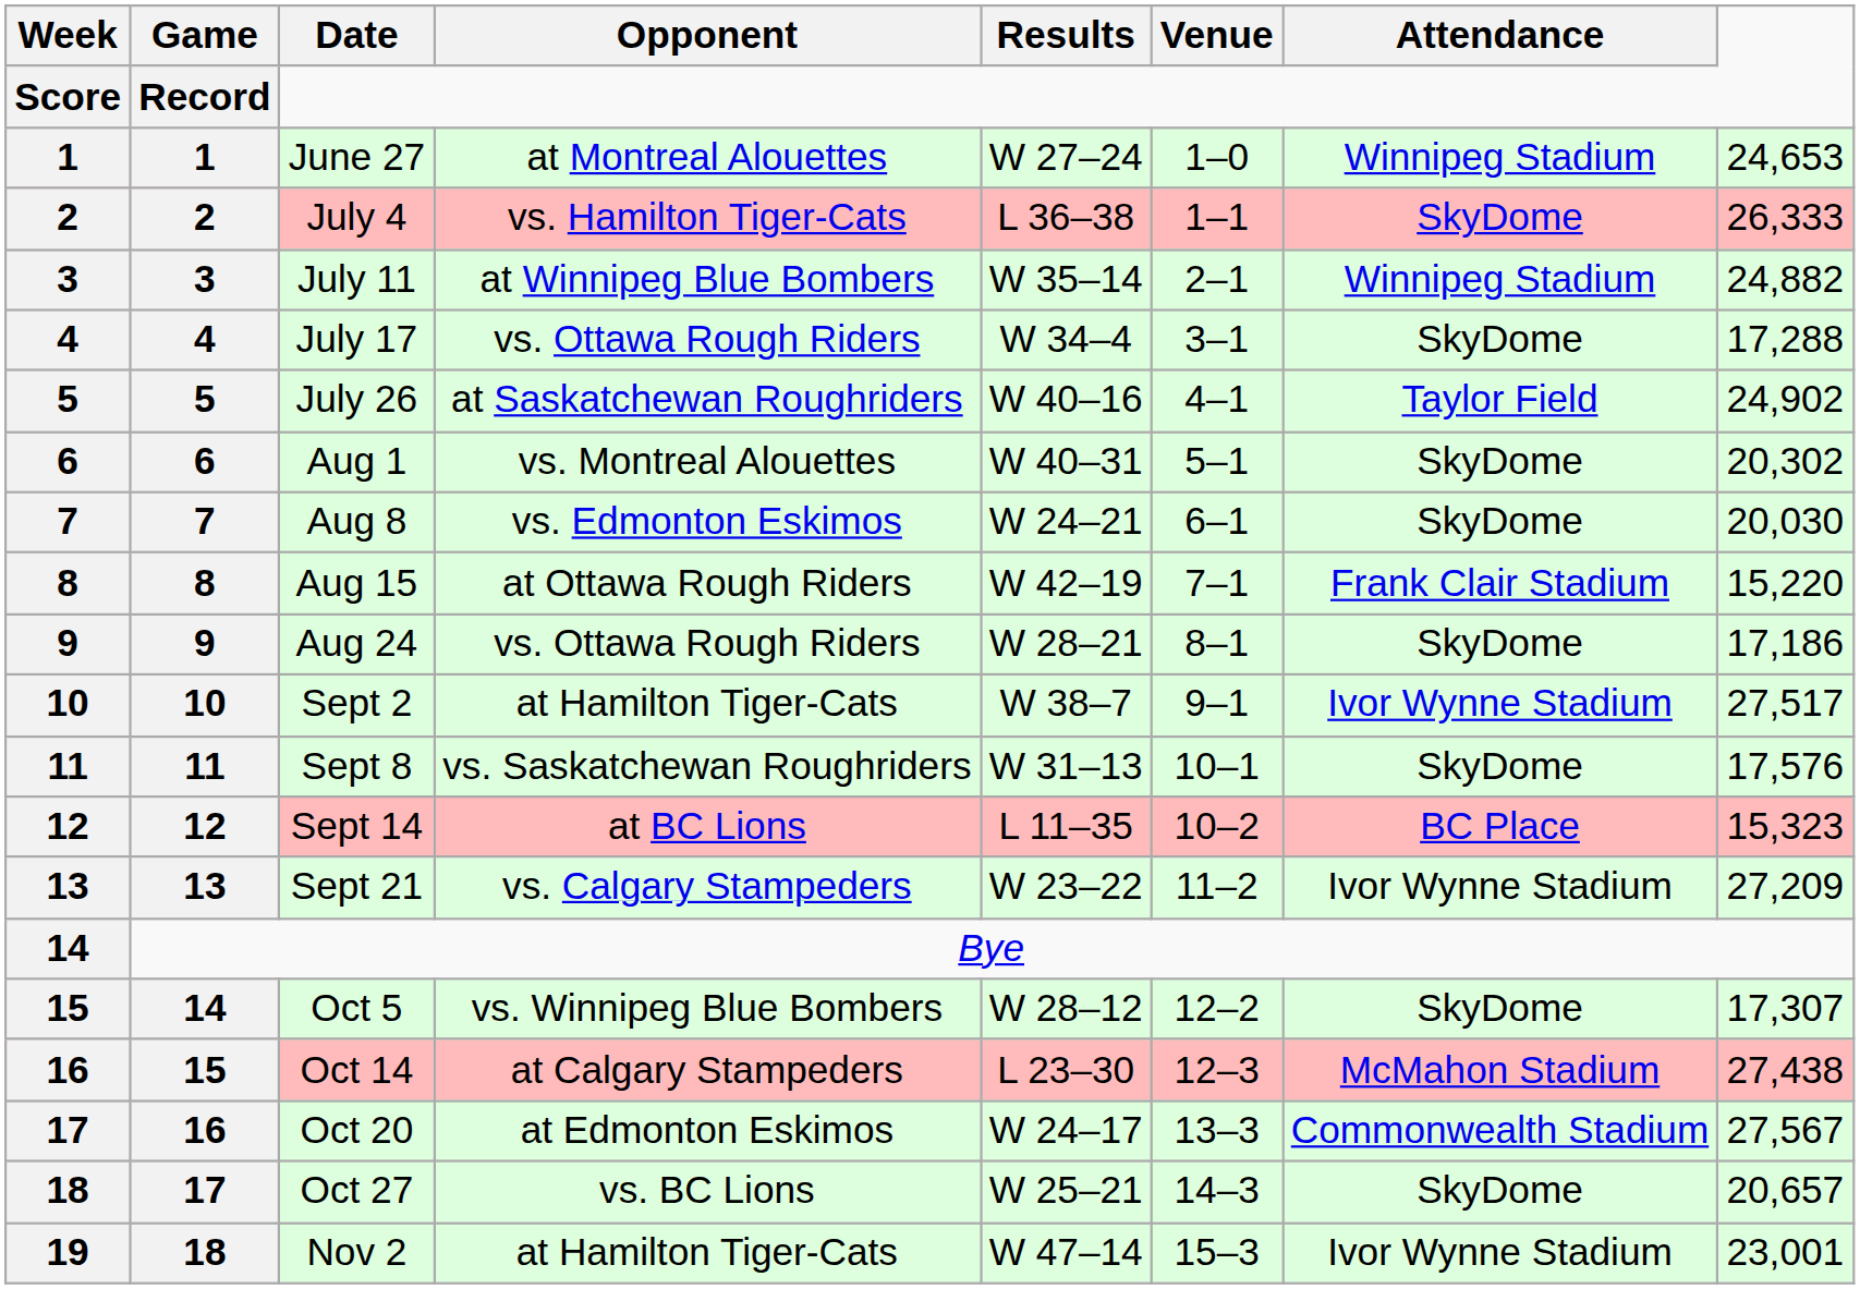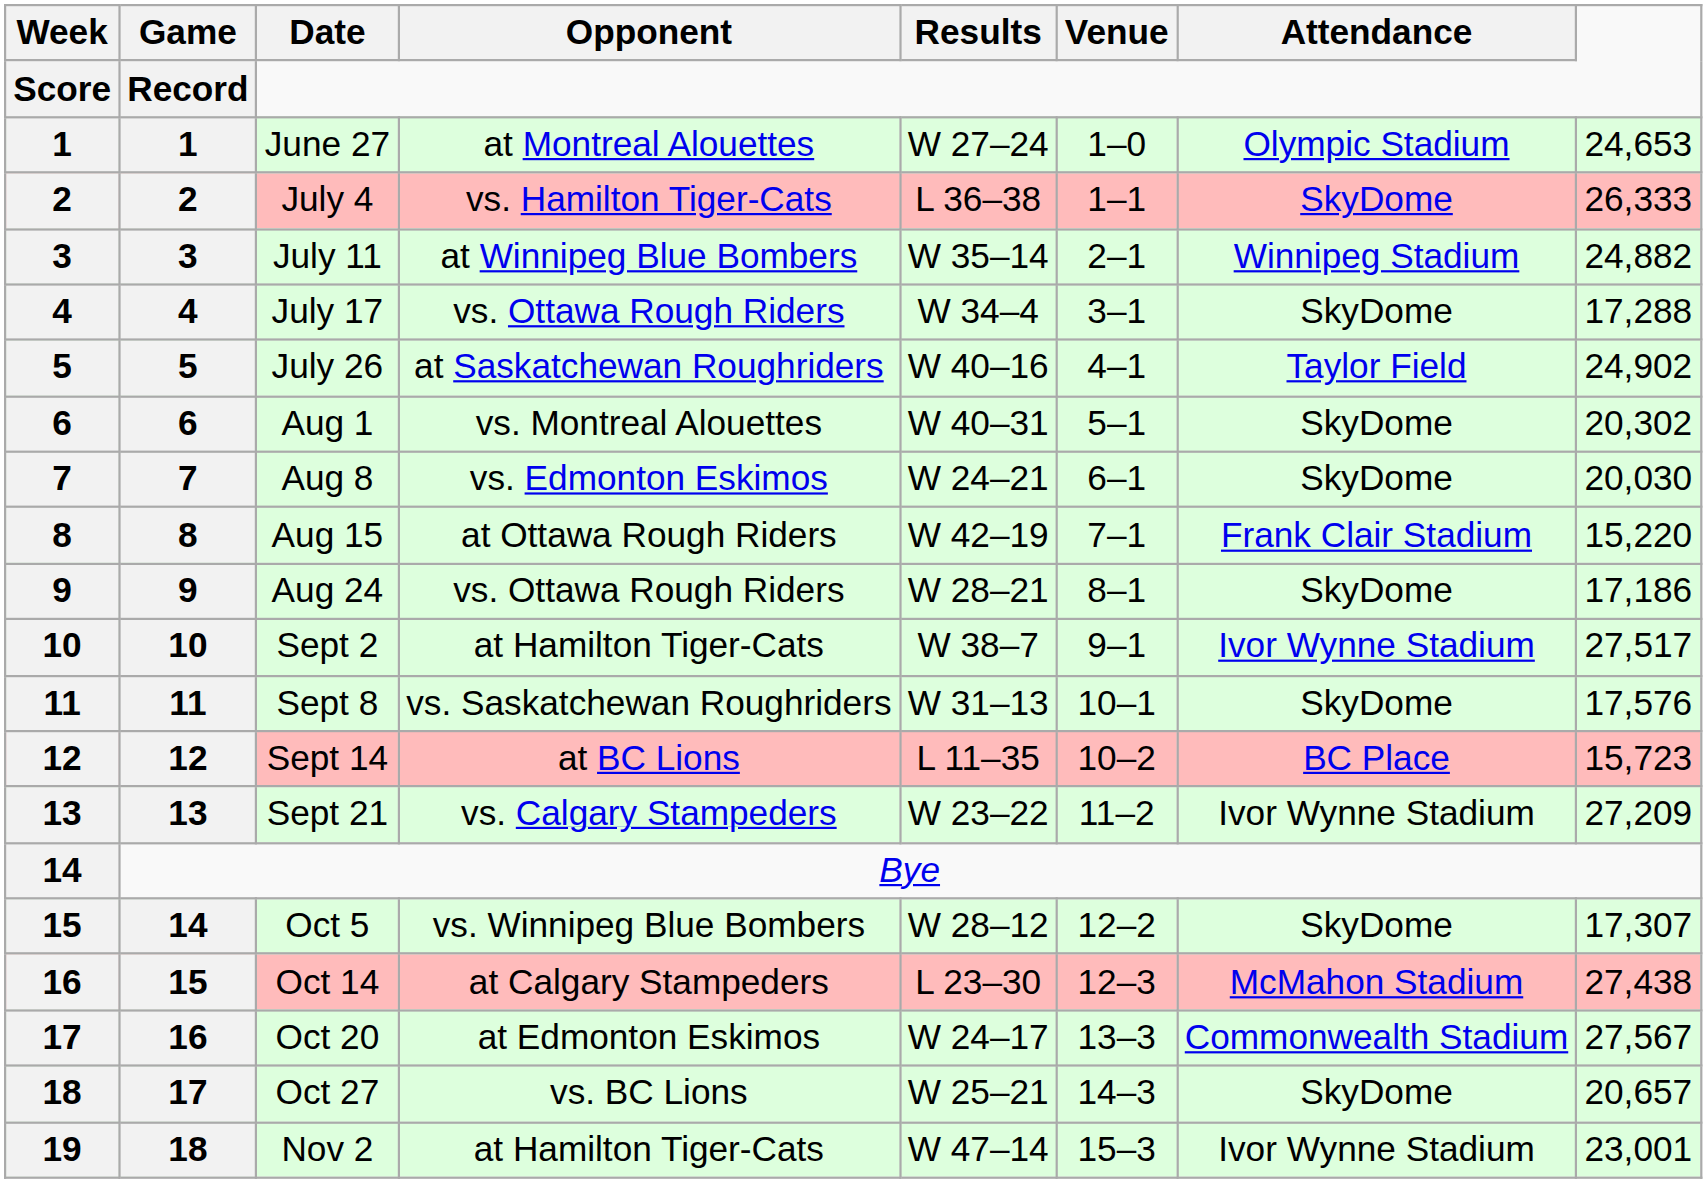 <table class="wikitable" style="text-align:center">
 <tr>
 <th>Week</th>
 <th>Game</th>
 <th>Date</th>
 <th>Opponent</th>
 <th>Results</th>
 <th>Venue</th>
 <th>Attendance</th>
 </tr>
 <tr>
 <th>Score</th>
 <th>Record</th>
 </tr>
 <tr style="background:#ddffdd">
 <th>1</th>
 <th>1</th>
 <td>June 27</td>
 <td>at <a href='#'>Montreal Alouettes</a></td>
 <td>W 27–24</td>
 <td>1–0</td>
-<td><a href='#'>Winnipeg Stadium</a></td>
+<td><a href='#'>Olympic Stadium</a></td>
 <td>24,653</td>
 </tr>
 <tr style="background:#ffbbbb">
 <th>2</th>
 <th>2</th>
 <td>July 4</td>
 <td>vs. <a href='#'>Hamilton Tiger-Cats</a></td>
 <td>L 36–38</td>
 <td>1–1</td>
 <td><a href='#'>SkyDome</a></td>
 <td>26,333</td>
 </tr>
 <tr style="background:#ddffdd">
 <th>3</th>
 <th>3</th>
 <td>July 11</td>
 <td>at <a href='#'>Winnipeg Blue Bombers</a></td>
 <td>W 35–14</td>
 <td>2–1</td>
 <td><a href='#'>Winnipeg Stadium</a></td>
 <td>24,882</td>
 </tr>
 <tr style="background:#ddffdd">
 <th>4</th>
 <th>4</th>
 <td>July 17</td>
 <td>vs. <a href='#'>Ottawa Rough Riders</a></td>
 <td>W 34–4</td>
 <td>3–1</td>
 <td>SkyDome</td>
 <td>17,288</td>
 </tr>
 <tr style="background:#ddffdd">
 <th>5</th>
 <th>5</th>
 <td>July 26</td>
 <td>at <a href='#'>Saskatchewan Roughriders</a></td>
 <td>W 40–16</td>
 <td>4–1</td>
 <td><a href='#'>Taylor Field</a></td>
 <td>24,902</td>
 </tr>
 <tr style="background:#ddffdd">
 <th>6</th>
 <th>6</th>
 <td>Aug 1</td>
 <td>vs. Montreal Alouettes</td>
 <td>W 40–31</td>
 <td>5–1</td>
 <td>SkyDome</td>
 <td>20,302</td>
 </tr>
 <tr style="background:#ddffdd">
 <th>7</th>
 <th>7</th>
 <td>Aug 8</td>
 <td>vs. <a href='#'>Edmonton Eskimos</a></td>
 <td>W 24–21</td>
 <td>6–1</td>
 <td>SkyDome</td>
 <td>20,030</td>
 </tr>
 <tr style="background:#ddffdd">
 <th>8</th>
 <th>8</th>
 <td>Aug 15</td>
 <td>at Ottawa Rough Riders</td>
 <td>W 42–19</td>
 <td>7–1</td>
 <td><a href='#'>Frank Clair Stadium</a></td>
 <td>15,220</td>
 </tr>
 <tr style="background:#ddffdd">
 <th>9</th>
 <th>9</th>
 <td>Aug 24</td>
 <td>vs. Ottawa Rough Riders</td>
 <td>W 28–21</td>
 <td>8–1</td>
 <td>SkyDome</td>
 <td>17,186</td>
 </tr>
 <tr style="background:#ddffdd">
 <th>10</th>
 <th>10</th>
 <td>Sept 2</td>
 <td>at Hamilton Tiger-Cats</td>
 <td>W 38–7</td>
 <td>9–1</td>
 <td><a href='#'>Ivor Wynne Stadium</a></td>
 <td>27,517</td>
 </tr>
 <tr style="background:#ddffdd">
 <th>11</th>
 <th>11</th>
 <td>Sept 8</td>
 <td>vs. Saskatchewan Roughriders</td>
 <td>W 31–13</td>
 <td>10–1</td>
 <td>SkyDome</td>
 <td>17,576</td>
 </tr>
 <tr style="background:#ffbbbb">
 <th>12</th>
 <th>12</th>
 <td>Sept 14</td>
 <td>at <a href='#'>BC Lions</a></td>
 <td>L 11–35</td>
 <td>10–2</td>
 <td><a href='#'>BC Place</a></td>
-<td>15,323</td>
+<td>15,723</td>
 </tr>
 <tr style="background:#ddffdd">
 <th>13</th>
 <th>13</th>
 <td>Sept 21</td>
 <td>vs. <a href='#'>Calgary Stampeders</a></td>
 <td>W 23–22</td>
 <td>11–2</td>
 <td>Ivor Wynne Stadium</td>
 <td>27,209</td>
 </tr>
 <tr>
 <th>14</th>
 <td colspan=7><em><a href='#'>Bye</a></em></td>
 </tr>
 <tr style="background:#ddffdd">
 <th>15</th>
 <th>14</th>
 <td>Oct 5</td>
 <td>vs. Winnipeg Blue Bombers</td>
 <td>W 28–12</td>
 <td>12–2</td>
 <td>SkyDome</td>
 <td>17,307</td>
 </tr>
 <tr style="background:#ffbbbb">
 <th>16</th>
 <th>15</th>
 <td>Oct 14</td>
 <td>at Calgary Stampeders</td>
 <td>L 23–30</td>
 <td>12–3</td>
 <td><a href='#'>McMahon Stadium</a></td>
 <td>27,438</td>
 </tr>
 <tr style="background:#ddffdd">
 <th>17</th>
 <th>16</th>
 <td>Oct 20</td>
 <td>at Edmonton Eskimos</td>
 <td>W 24–17</td>
 <td>13–3</td>
 <td><a href='#'>Commonwealth Stadium</a></td>
 <td>27,567</td>
 </tr>
 <tr style="background:#ddffdd">
 <th>18</th>
 <th>17</th>
 <td>Oct 27</td>
 <td>vs. BC Lions</td>
 <td>W 25–21</td>
 <td>14–3</td>
 <td>SkyDome</td>
 <td>20,657</td>
 </tr>
 <tr style="background:#ddffdd">
 <th>19</th>
 <th>18</th>
 <td>Nov 2</td>
 <td>at Hamilton Tiger-Cats</td>
 <td>W 47–14</td>
 <td>15–3</td>
 <td>Ivor Wynne Stadium</td>
 <td>23,001</td>
 </tr>
 </table>
